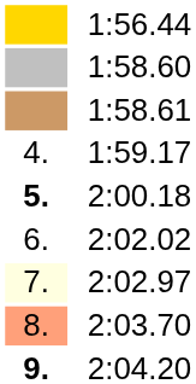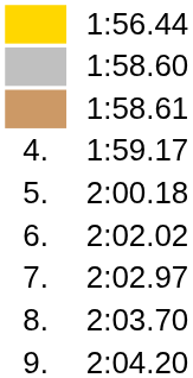 <table style="text-align:center">
 <tr>
 <td width=30 bgcolor=gold></td>
 <td align=left></td>
 <td width=60>1:56.44</td>
 </tr>
 <tr>
 <td bgcolor=silver></td>
 <td align=left></td>
 <td>1:58.60</td>
 </tr>
 <tr>
 <td bgcolor=cc9966></td>
 <td align=left></td>
 <td>1:58.61</td>
 </tr>
 <tr>
 <td>4.</td>
 <td align=left></td>
 <td>1:59.17</td>
 </tr>
 <tr>
-<td><strong>5.</strong></td>
+<td>5.</td>
 <td align=left></td>
 <td>2:00.18</td>
 </tr>
 <tr>
 <td>6.</td>
 <td align=left></td>
 <td>2:02.02</td>
 </tr>
 <tr>
-<td style="background: lightyellow;">7.</td>
+<td>7.</td>
 <td align=left></td>
 <td>2:02.97</td>
 </tr>
 <tr>
-<td style="background: lightsalmon;">8.</td>
+<td>8.</td>
 <td align=left></td>
 <td>2:03.70</td>
 </tr>
 <tr>
-<td><strong>9.</strong></td>
+<td>9.</td>
 <td align=left></td>
 <td>2:04.20</td>
 </tr>
 </table>
